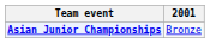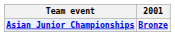 <table style='font-size: 90%; text-align:center;' class='wikitable'>
 <tr>
 <th>Team event</th>
 <th>2001</th>
 </tr>
 <tr>
 <td bgcolor="#ECF2FF"; align="left"><strong><a href='#'>Asian Junior Championships</a></strong></td>
-<td> <a href='#'>Bronze</a></td>
+<td><strong> <a href='#'>Bronze</a></strong></td>
 </tr>
 </table>
